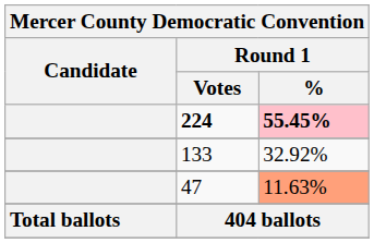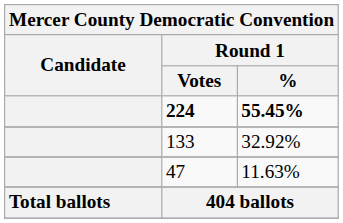 <table class="wikitable sortable">
 <tr>
 <th colspan=" 19 ">Mercer County Democratic Convention</th>
 </tr>
 <tr style="background:#eee; text-align:center;">
 <th rowspan=2 style="text-align:center;">Candidate</th>
 <th colspan=2 style="text-align:center;">Round 1</th>
 </tr>
 <tr>
 <th>Votes</th>
 <th>%</th>
 </tr>
 <tr>
 <th scope="row" style="text-align:left;"></th>
 <td><strong>224</strong></td>
-<td style="background: pink;"><strong>55.45%</strong></td>
+<td><strong>55.45%</strong></td>
 </tr>
 <tr>
 </tr>
 <tr>
 </tr>
 <tr>
 <th scope="row" style="text-align:left;"></th>
 <td>133</td>
 <td>32.92%</td>
 </tr>
 <tr>
 </tr>
 <tr>
 </tr>
 <tr>
 <th scope="row" style="text-align:left;"></th>
 <td>47</td>
-<td style="background: lightsalmon;">11.63%</td>
+<td>11.63%</td>
 </tr>
 <tr>
 </tr>
 <tr>
 <th scope="row" style="text-align:left;">Total ballots</th>
 <th colspan="2">404 ballots</th>
 </tr>
 <tr>
 </tr>
 </table>
